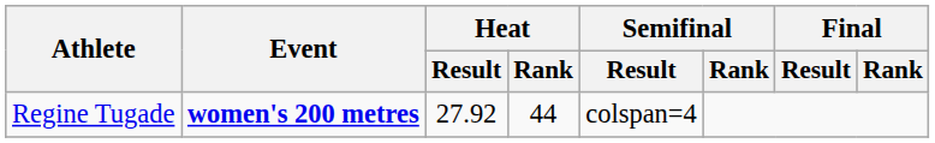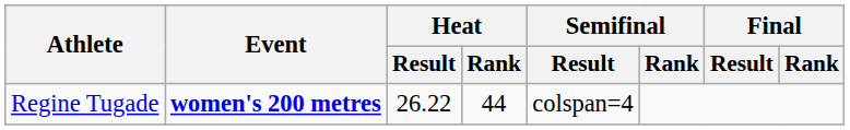 <table class=wikitable style=font-size:90%>
 <tr>
 <th rowspan=2>Athlete</th>
 <th rowspan=2>Event</th>
 <th colspan=2>Heat</th>
 <th colspan=2>Semifinal</th>
 <th colspan=2>Final</th>
 </tr>
 <tr style=font-size:95%>
 <th>Result</th>
 <th>Rank</th>
 <th>Result</th>
 <th>Rank</th>
 <th>Result</th>
 <th>Rank</th>
 </tr>
 <tr align=center>
 <td align=left><a href='#'>Regine Tugade</a></td>
 <td align=left><strong><a href='#'>women's 200 metres</a></strong></td>
-<td>27.92</td>
+<td>26.22</td>
 <td>44</td>
 <td>colspan=4 </td>
 </tr>
 </table>
